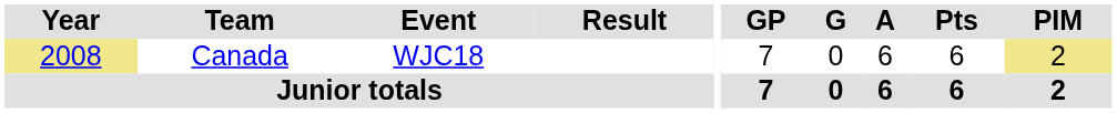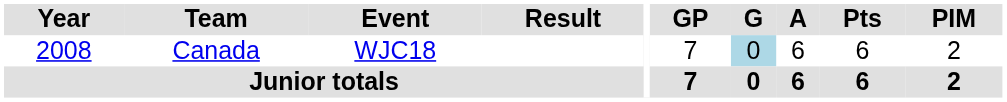 <table border="0" cellpadding="1" cellspacing="0" ID="Table3" style="text-align:center; width:40em">
 <tr ALIGN="center" bgcolor="#e0e0e0">
 <th>Year</th>
 <th>Team</th>
 <th>Event</th>
 <th>Result</th>
 <th rowspan="99" bgcolor="#ffffff"></th>
 <th>GP</th>
 <th>G</th>
 <th>A</th>
 <th>Pts</th>
 <th>PIM</th>
 </tr>
 <tr>
-<td style="background: khaki;"><a href='#'>2008</a></td>
+<td><a href='#'>2008</a></td>
 <td><a href='#'>Canada</a></td>
 <td><a href='#'>WJC18</a></td>
 <td></td>
 <td>7</td>
-<td>0</td>
+<td style="background: lightblue;">0</td>
 <td>6</td>
 <td>6</td>
-<td style="background: khaki;">2</td>
+<td>2</td>
 </tr>
 <tr bgcolor="#e0e0e0">
 <th colspan="4">Junior totals</th>
 <th>7</th>
 <th>0</th>
 <th>6</th>
 <th>6</th>
 <th>2</th>
 </tr>
 </table>
